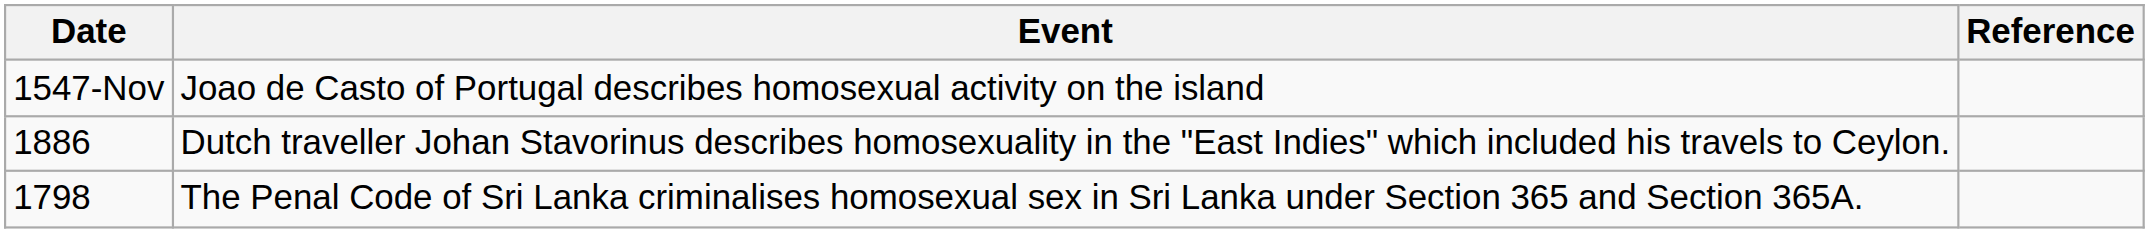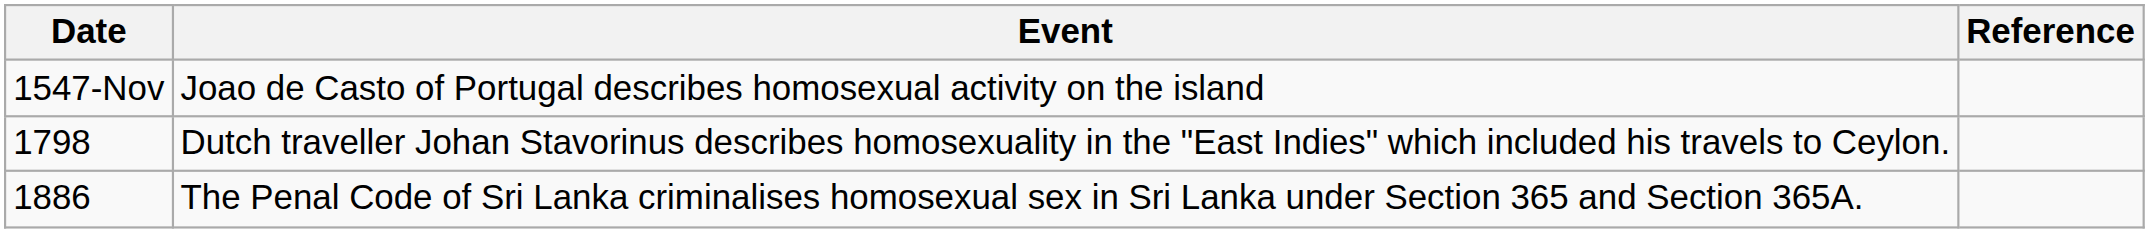 <table class="wikitable">
 <tr>
 <th>Date</th>
 <th>Event</th>
 <th>Reference</th>
 </tr>
 <tr>
 <td>1547-Nov</td>
 <td>Joao de Casto of Portugal describes homosexual activity on the island</td>
 <td></td>
 </tr>
 <tr>
-<td>1886</td>
+<td>1798</td>
 <td>Dutch traveller Johan Stavorinus describes homosexuality in the "East Indies" which included his travels to Ceylon.</td>
 <td></td>
 </tr>
 <tr>
-<td>1798</td>
+<td>1886</td>
 <td>The Penal Code of Sri Lanka criminalises homosexual sex in Sri Lanka under Section 365 and Section 365A.</td>
 <td></td>
 </tr>
 </table>
